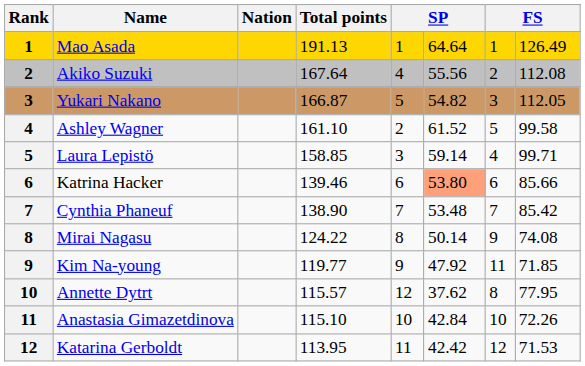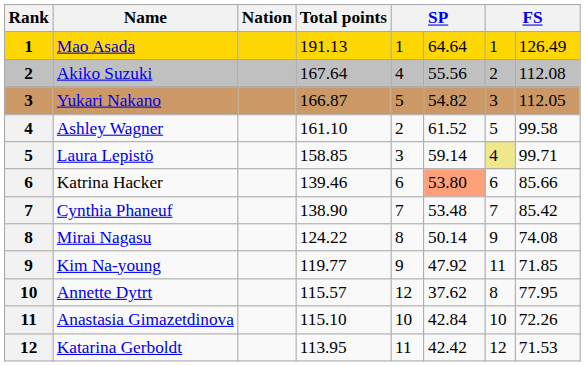 <table class="wikitable">
 <tr>
 <th>Rank</th>
 <th>Name</th>
 <th>Nation</th>
 <th>Total points</th>
 <th colspan="2" width="80px"><a href='#'>SP</a></th>
 <th colspan="2" width="80px"><a href='#'>FS</a></th>
 </tr>
 <tr bgcolor="gold">
 <td align="center"><strong>1</strong></td>
 <td><a href='#'>Mao Asada</a></td>
 <td></td>
 <td>191.13</td>
 <td>1</td>
 <td>64.64</td>
 <td>1</td>
 <td>126.49</td>
 </tr>
 <tr bgcolor="silver">
 <td align="center"><strong>2</strong></td>
 <td><a href='#'>Akiko Suzuki</a></td>
 <td></td>
 <td>167.64</td>
 <td>4</td>
 <td>55.56</td>
 <td>2</td>
 <td>112.08</td>
 </tr>
 <tr bgcolor="cc9966">
 <td align="center"><strong>3</strong></td>
 <td><a href='#'>Yukari Nakano</a></td>
 <td></td>
 <td>166.87</td>
 <td>5</td>
 <td>54.82</td>
 <td>3</td>
 <td>112.05</td>
 </tr>
 <tr>
 <th>4</th>
 <td><a href='#'>Ashley Wagner</a></td>
 <td></td>
 <td>161.10</td>
 <td>2</td>
 <td>61.52</td>
 <td>5</td>
 <td>99.58</td>
 </tr>
 <tr>
 <th>5</th>
 <td><a href='#'>Laura Lepistö</a></td>
 <td></td>
 <td>158.85</td>
 <td>3</td>
 <td>59.14</td>
-<td>4</td>
+<td style="background: khaki;">4</td>
 <td>99.71</td>
 </tr>
 <tr>
 <th>6</th>
 <td>Katrina Hacker</td>
 <td></td>
 <td>139.46</td>
 <td>6</td>
 <td style="background: lightsalmon;">53.80</td>
 <td>6</td>
 <td>85.66</td>
 </tr>
 <tr>
 <th>7</th>
 <td><a href='#'>Cynthia Phaneuf</a></td>
 <td></td>
 <td>138.90</td>
 <td>7</td>
 <td>53.48</td>
 <td>7</td>
 <td>85.42</td>
 </tr>
 <tr>
 <th>8</th>
 <td><a href='#'>Mirai Nagasu</a></td>
 <td></td>
 <td>124.22</td>
 <td>8</td>
 <td>50.14</td>
 <td>9</td>
 <td>74.08</td>
 </tr>
 <tr>
 <th>9</th>
 <td><a href='#'>Kim Na-young</a></td>
 <td></td>
 <td>119.77</td>
 <td>9</td>
 <td>47.92</td>
 <td>11</td>
 <td>71.85</td>
 </tr>
 <tr>
 <th>10</th>
 <td><a href='#'>Annette Dytrt</a></td>
 <td></td>
 <td>115.57</td>
 <td>12</td>
 <td>37.62</td>
 <td>8</td>
 <td>77.95</td>
 </tr>
 <tr>
 <th>11</th>
 <td><a href='#'>Anastasia Gimazetdinova</a></td>
 <td></td>
 <td>115.10</td>
 <td>10</td>
 <td>42.84</td>
 <td>10</td>
 <td>72.26</td>
 </tr>
 <tr>
 <th>12</th>
 <td><a href='#'>Katarina Gerboldt</a></td>
 <td></td>
 <td>113.95</td>
 <td>11</td>
 <td>42.42</td>
 <td>12</td>
 <td>71.53</td>
 </tr>
 </table>
